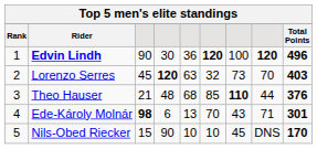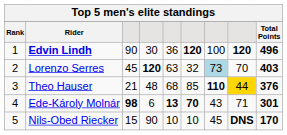 <table class="wikitable sortable">
 <tr>
 <th colspan=9 align="center"><strong>Top 5 men's elite standings</strong></th>
 </tr>
 <tr>
 </tr>
 <tr style="font-size:8pt;font-weight:bold">
 <th align="center">Rank</th>
 <th align="center">Rider</th>
 <th class=unsortable style="background:#E5E4E2;"><small></small></th>
 <th class=unsortable style="background:#E5E4E2;"><small></small></th>
 <th class=unsortable style="background:#E5E4E2;"><small></small></th>
 <th class=unsortable style="background:#E5E4E2;"><small></small></th>
 <th class=unsortable style="background:#E5E4E2;"><small></small></th>
 <th class=unsortable style="background:#E5E4E2;"><small></small></th>
 <th align="center">Total<br>Points</th>
 </tr>
 <tr>
 <td align=center>1</td>
 <td> <strong><a href='#'>Edvin Lindh</a></strong></td>
 <td align=center>90</td>
 <td align=center>30</td>
 <td align=center>36</td>
 <td align=center><strong>120</strong></td>
 <td align=center>100</td>
 <td align=center><strong>120</strong></td>
 <td align=center><strong>496</strong></td>
 </tr>
 <tr>
 <td align=center>2</td>
 <td> <a href='#'>Lorenzo Serres</a></td>
 <td align=center>45</td>
 <td align=center><strong>120</strong></td>
 <td align=center>63</td>
 <td align=center>32</td>
-<td align=center>73</td>
+<td align=center style="background: lightblue;">73</td>
 <td align=center>70</td>
 <td align=center><strong>403</strong></td>
 </tr>
 <tr>
 <td align=center>3</td>
 <td> <a href='#'>Theo Hauser</a></td>
 <td align=center>21</td>
 <td align=center>48</td>
 <td align=center>68</td>
 <td align=center>85</td>
 <td align=center><strong>110</strong></td>
-<td align=center>44</td>
+<td align=center style="background: gold;">44</td>
 <td align=center><strong>376</strong></td>
 </tr>
 <tr>
 <td align=center>4</td>
 <td> <a href='#'>Ede-Károly Molnár</a></td>
 <td align=center><strong>98</strong></td>
 <td align=center>6</td>
-<td align=center>13</td>
-<td align=center>70</td>
+<td align=center><strong>13</strong></td>
+<td align=center><strong>70</strong></td>
 <td align=center>43</td>
 <td align=center>71</td>
 <td align=center><strong>301</strong></td>
 </tr>
 <tr>
 <td align=center>5</td>
 <td> <a href='#'>Nils-Obed Riecker</a></td>
 <td align=center>15</td>
 <td align=center>90</td>
 <td align=center>10</td>
 <td align=center>10</td>
 <td align=center>45</td>
-<td align=center>DNS</td>
+<td align=center><strong>DNS</strong></td>
 <td align=center><strong>170</strong></td>
 </tr>
 </table>
